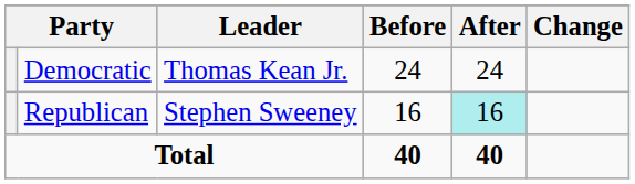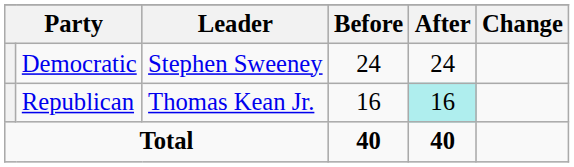 <table class="wikitable" style="text-align:center;">
 <tr>
 </tr>
 <tr>
 <th colspan=2>Party</th>
 <th>Leader</th>
 <th>Before</th>
 <th>After</th>
 <th>Change</th>
 </tr>
 <tr>
 <th style="background-color:"></th>
 <td style="text-align:left;"><a href='#'>Democratic</a></td>
-<td style="text-align:left;"><a href='#'>Thomas Kean Jr.</a></td>
+<td style="text-align:left;"><a href='#'>Stephen Sweeney</a></td>
 <td>24</td>
 <td>24</td>
 <td></td>
 </tr>
 <tr>
 <th style="background-color:"></th>
 <td style="text-align:left;"><a href='#'>Republican</a></td>
-<td style="text-align:left;"><a href='#'>Stephen Sweeney</a></td>
+<td style="text-align:left;"><a href='#'>Thomas Kean Jr.</a></td>
 <td>16</td>
 <td style="background: paleturquoise;">16</td>
 <td></td>
 </tr>
 <tr>
 <td colspan=3><strong>Total</strong></td>
 <td><strong>40</strong></td>
 <td><strong>40</strong></td>
 </tr>
 </table>
